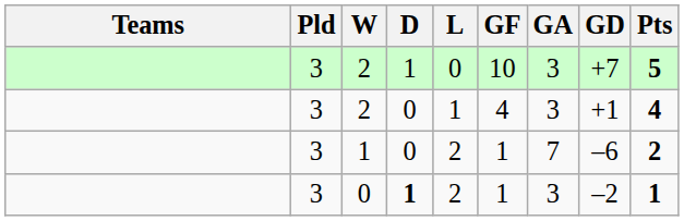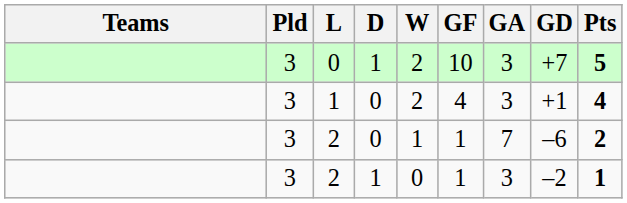 <table class="wikitable" style="text-align: center;">
 <tr>
 <th width=165>Teams</th>
 <th width=20>Pld</th>
+<th width=20>L</th>
+<th width=20>D</th>
 <th width=20>W</th>
-<th width=20>D</th>
-<th width=20>L</th>
 <th width=20>GF</th>
 <th width=20>GA</th>
 <th width=20>GD</th>
 <th width=20>Pts</th>
 </tr>
 <tr align=center style="background:#ccffcc;">
 <td style="text-align:left;"></td>
 <td>3</td>
+<td>0</td>
+<td>1</td>
 <td>2</td>
-<td>1</td>
-<td>0</td>
 <td>10</td>
 <td>3</td>
 <td>+7</td>
 <td><strong>5</strong></td>
 </tr>
 <tr align=center>
 <td style="text-align:left;"></td>
 <td>3</td>
+<td>1</td>
+<td>0</td>
 <td>2</td>
-<td>0</td>
-<td>1</td>
 <td>4</td>
 <td>3</td>
 <td>+1</td>
 <td><strong>4</strong></td>
 </tr>
 <tr align=center>
 <td style="text-align:left;"></td>
 <td>3</td>
+<td>2</td>
+<td>0</td>
 <td>1</td>
-<td>0</td>
-<td>2</td>
 <td>1</td>
 <td>7</td>
 <td>–6</td>
 <td><strong>2</strong></td>
 </tr>
 <tr align=center>
 <td style="text-align:left;"></td>
 <td>3</td>
+<td>2</td>
+<td>1</td>
 <td>0</td>
-<td><strong>1</strong></td>
-<td>2</td>
 <td>1</td>
 <td>3</td>
 <td>–2</td>
 <td><strong>1</strong></td>
 </tr>
 </table>
